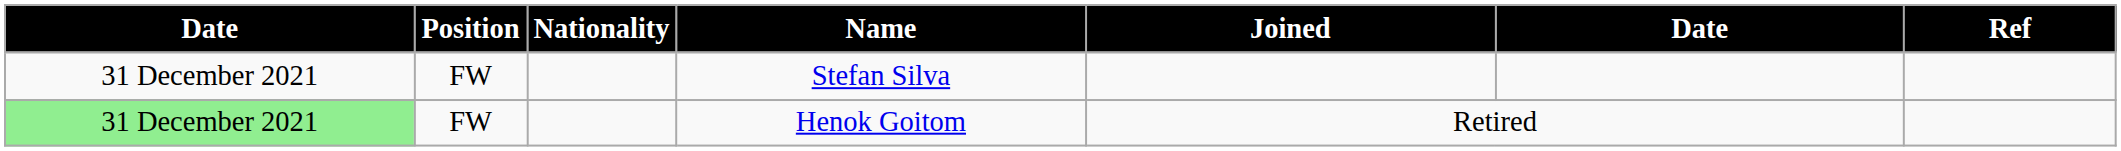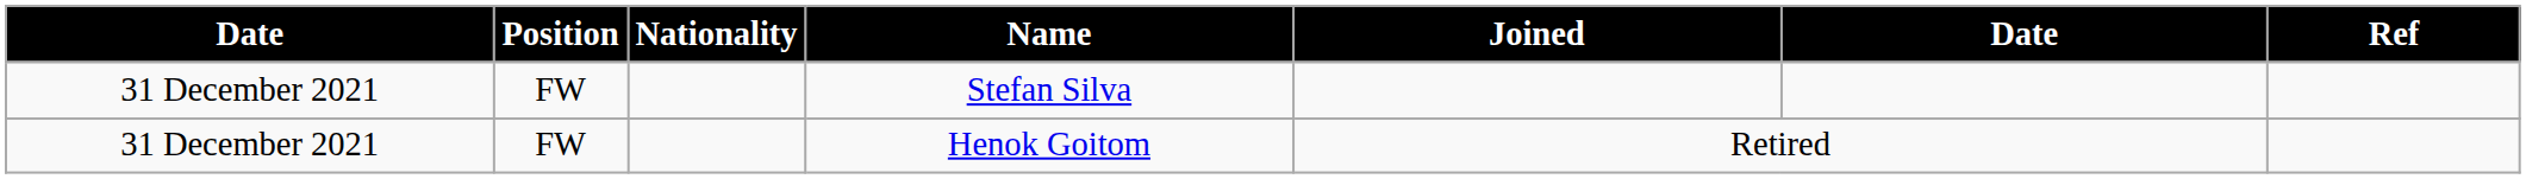 <table class="wikitable"  style="text-align:center; font-size:90%; ">
 <tr>
 <th style="background:#000000; color:white; width:200px;">Date</th>
 <th style="background:#000000; color:white; width:50px;">Position</th>
 <th style="background:#000000; color:white; width:50px;">Nationality</th>
 <th style="background:#000000; color:white; width:200px;">Name</th>
 <th style="background:#000000; color:white; width:200px;">Joined</th>
 <th style="background:#000000; color:white; width:200px;">Date</th>
 <th style="background:#000000; color:white; width:100px;">Ref</th>
 </tr>
 <tr>
 <td>31 December 2021</td>
 <td>FW</td>
 <td></td>
 <td><a href='#'>Stefan Silva</a></td>
 <td></td>
 <td></td>
 <td></td>
 </tr>
 <tr>
-<td style="background: lightgreen;">31 December 2021</td>
+<td>31 December 2021</td>
 <td>FW</td>
 <td></td>
 <td><a href='#'>Henok Goitom</a></td>
 <td colspan="2">Retired</td>
 <td></td>
 </tr>
 </table>
